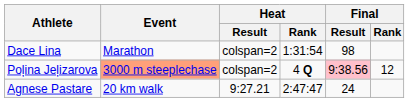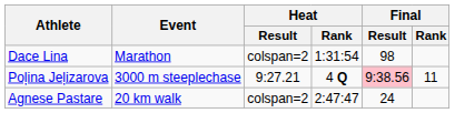 <table class="wikitable" style="font-size:90%">
 <tr>
 <th rowspan="2">Athlete</th>
 <th rowspan="2">Event</th>
 <th colspan="2">Heat</th>
 <th colspan="2">Final</th>
 </tr>
 <tr style="font-size:95%">
 <th>Result</th>
 <th>Rank</th>
 <th>Result</th>
 <th>Rank</th>
 </tr>
 <tr align=center>
 <td align=left><a href='#'>Dace Lina</a></td>
 <td align=left><a href='#'>Marathon</a></td>
 <td>colspan=2 </td>
 <td>1:31:54</td>
 <td>98</td>
 </tr>
 <tr align=center>
 <td align=left><a href='#'>Poļina Jeļizarova</a></td>
-<td align=left style="background: lightsalmon;"><a href='#'>3000 m steeplechase</a></td>
-<td>colspan=2 </td>
+<td align=left><a href='#'>3000 m steeplechase</a></td>
+<td>9:27.21</td>
 <td>4 <strong>Q</strong></td>
 <td style="background: pink;">9:38.56</td>
-<td>12</td>
+<td>11</td>
 </tr>
 <tr align=center>
 <td align=left><a href='#'>Agnese Pastare</a></td>
 <td align=left><a href='#'>20 km walk</a></td>
-<td>9:27.21</td>
+<td>colspan=2 </td>
 <td>2:47:47</td>
 <td>24</td>
 </tr>
 </table>
